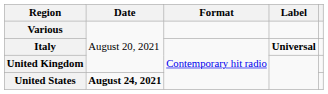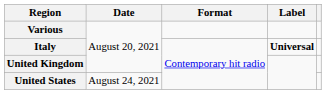 <table class="wikitable sortable plainrowheaders">
 <tr>
 <th scope="col">Region</th>
 <th scope="col">Date</th>
 <th scope="col">Format</th>
 <th scope="col">Label</th>
 <th scope="col"></th>
 </tr>
 <tr>
 <th scope="row">Various</th>
 <td rowspan="3">August 20, 2021</td>
 <td></td>
 <td></td>
 <td style="text-align:center;"></td>
 </tr>
 <tr>
 <th scope="row">Italy</th>
 <td rowspan="3"><a href='#'>Contemporary hit radio</a></td>
 <td><strong>Universal</strong></td>
 <td style="text-align:center;"></td>
 </tr>
 <tr>
 <th scope="row">United Kingdom</th>
 <td rowspan="2"></td>
 <td style="text-align:center;"></td>
 </tr>
 <tr>
 <th scope="row">United States</th>
-<td><strong>August 24, 2021</strong></td>
+<td>August 24, 2021</td>
 <td style="text-align:center;"></td>
 </tr>
 </table>
